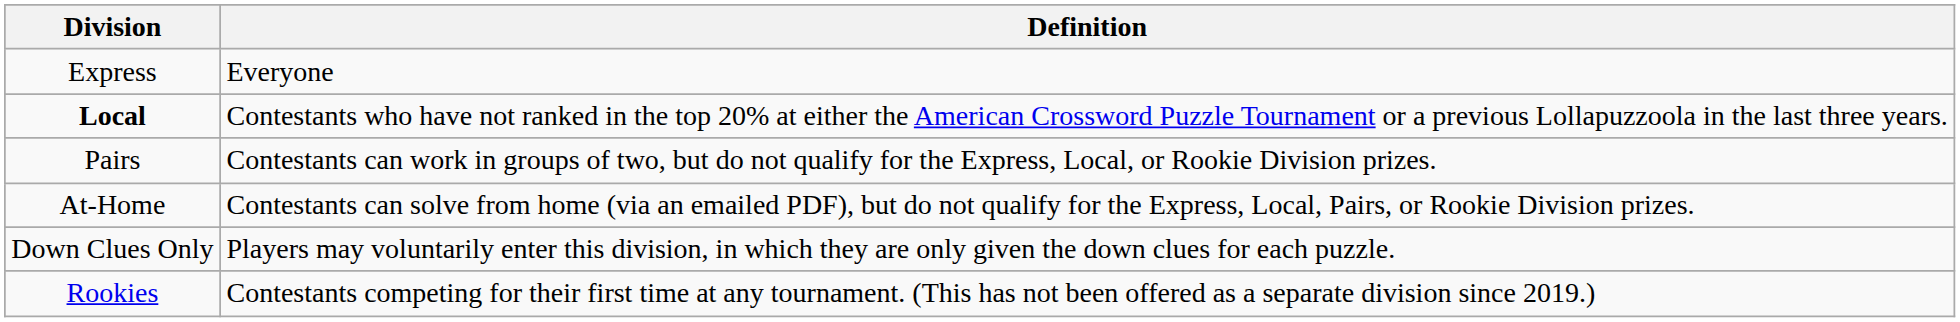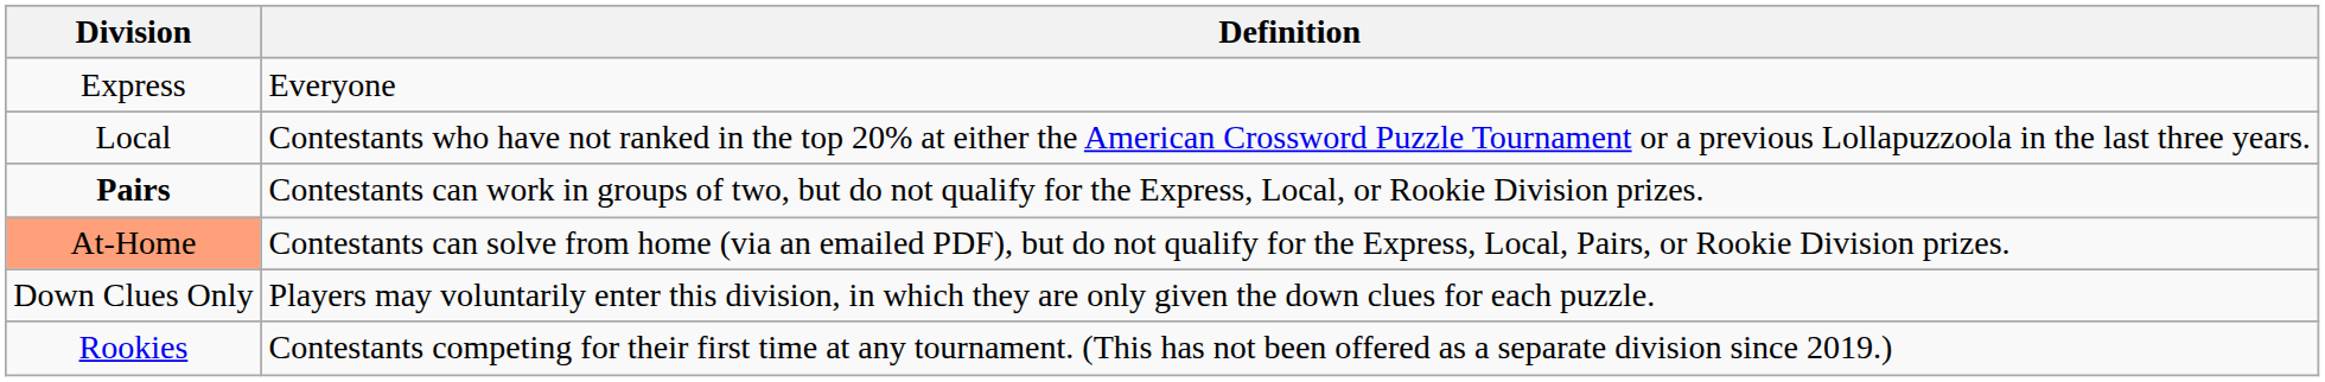 <table class="wikitable">
 <tr>
 <th>Division</th>
 <th colspan=2>Definition</th>
 </tr>
 <tr>
 <td align="center">Express</td>
 <td colspan=2>Everyone</td>
 </tr>
 <tr>
-<td align="center"><strong>Local</strong></td>
+<td align="center">Local</td>
 <td colspan=2>Contestants who have not ranked in the top 20% at either the <a href='#'>American Crossword Puzzle Tournament</a> or a previous Lollapuzzoola in the last three years.</td>
 </tr>
 <tr>
-<td align="center">Pairs</td>
+<td align="center"><strong>Pairs</strong></td>
 <td colspan=2>Contestants can work in groups of two, but do not qualify for the Express, Local, or Rookie Division prizes.</td>
 </tr>
 <tr>
-<td align="center">At-Home</td>
+<td align="center" style="background: lightsalmon;">At-Home</td>
 <td colspan=2>Contestants can solve from home (via an emailed PDF), but do not qualify for the Express, Local, Pairs, or Rookie Division prizes.</td>
 </tr>
 <tr>
 <td align="center">Down Clues Only</td>
 <td colspan=2>Players may voluntarily enter this division, in which they are only given the down clues for each puzzle.</td>
 </tr>
 <tr>
 <td align="center"><a href='#'>Rookies</a></td>
 <td colspan=2>Contestants competing for their first time at any tournament. (This has not been offered as a separate division since 2019.)</td>
 </tr>
 </table>
